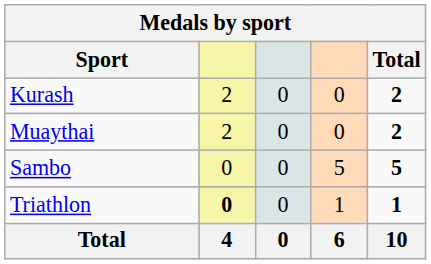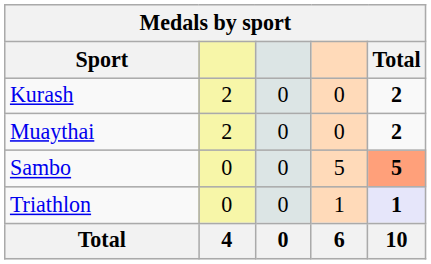 <table class="wikitable" style="font-size:90%; text-align:center;">
 <tr>
 <th colspan=5>Medals by sport</th>
 </tr>
 <tr>
 <th width=120>Sport</th>
 <th scope="col" width=30 style="background:#F7F6A8;"></th>
 <th scope="col" width=30 style="background:#DCE5E5;"></th>
 <th scope="col" width=30 style="background:#FFDAB9;"></th>
 <th width=30>Total</th>
 </tr>
 <tr>
 <td align=left> <a href='#'>Kurash</a></td>
 <td style="background:#F7F6A8;">2</td>
 <td style="background:#DCE5E5;">0</td>
 <td style="background:#FFDAB9;">0</td>
 <td><strong>2</strong></td>
 </tr>
 <tr>
 <td align=left> <a href='#'>Muaythai</a></td>
 <td style="background:#F7F6A8;">2</td>
 <td style="background:#DCE5E5;">0</td>
 <td style="background:#FFDAB9;">0</td>
 <td><strong>2</strong></td>
 </tr>
 <tr>
 <td align=left> <a href='#'>Sambo</a></td>
 <td style="background:#F7F6A8;">0</td>
 <td style="background:#DCE5E5;">0</td>
 <td style="background:#FFDAB9;">5</td>
-<td><strong>5</strong></td>
+<td style="background: lightsalmon;"><strong>5</strong></td>
 </tr>
 <tr>
 <td align=left> <a href='#'>Triathlon</a></td>
-<td style="background:#F7F6A8;"><strong>0</strong></td>
+<td style="background:#F7F6A8;">0</td>
 <td style="background:#DCE5E5;">0</td>
 <td style="background:#FFDAB9;">1</td>
-<td><strong>1</strong></td>
+<td style="background: lavender;"><strong>1</strong></td>
 </tr>
 <tr class="sortbottom">
 <th>Total</th>
 <th>4</th>
 <th>0</th>
 <th>6</th>
 <th>10</th>
 </tr>
 </table>
